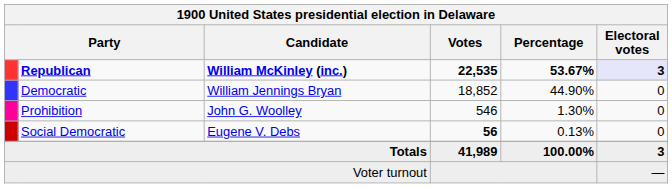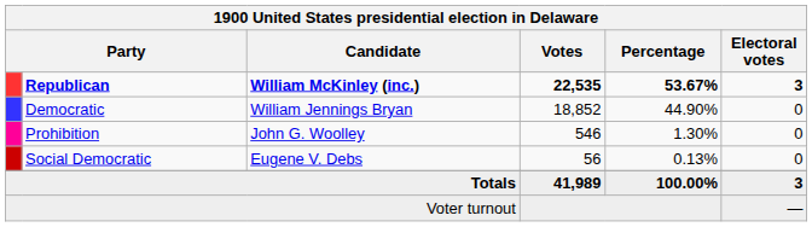 <table class="wikitable" style="font-size: 95%;">
 <tr>
 <th colspan="6">1900 United States presidential election in Delaware</th>
 </tr>
 <tr>
 <th colspan="2" style="width: 15em">Party</th>
 <th style="width: 17em">Candidate</th>
 <th style="width: 5em">Votes</th>
 <th style="width: 7em">Percentage</th>
 <th style="width: 5em">Electoral votes</th>
 </tr>
 <tr>
 <th style="background-color:#FF3333; width: 3px"></th>
 <td style="width: 130px"><strong><a href='#'>Republican</a></strong></td>
 <td><strong><a href='#'>William McKinley</a> (<a href='#'>inc.</a>)</strong></td>
 <td align="right"><strong>22,535</strong></td>
 <td align="right"><strong>53.67%</strong></td>
-<td align="right" style="background: lavender;"><strong>3</strong></td>
+<td align="right"><strong>3</strong></td>
 </tr>
 <tr>
 <th style="background-color:#3333FF; width: 3px"></th>
 <td style="width: 130px"><a href='#'>Democratic</a></td>
 <td><a href='#'>William Jennings Bryan</a></td>
 <td align="right">18,852</td>
 <td align="right">44.90%</td>
 <td align="right">0</td>
 </tr>
 <tr>
 <th style="background-color:#f09; width: 3px"></th>
 <td style="width: 130px"><a href='#'>Prohibition</a></td>
 <td><a href='#'>John G. Woolley</a></td>
 <td align="right">546</td>
 <td align="right">1.30%</td>
 <td align="right">0</td>
 </tr>
 <tr>
 <th style="background-color:#c00; width: 3px"></th>
 <td style="width: 130px"><a href='#'>Social Democratic</a></td>
 <td><a href='#'>Eugene V. Debs</a></td>
-<td align="right"><strong>56</strong></td>
+<td align="right">56</td>
 <td align="right">0.13%</td>
 <td align="right">0</td>
 </tr>
 <tr>
 </tr>
 <tr bgcolor="#EEEEEE">
 <td colspan="3" align="right"><strong>Totals</strong></td>
 <td align="right"><strong>41,989</strong></td>
 <td align="right"><strong>100.00%</strong></td>
 <td align="right"><strong>3</strong></td>
 </tr>
 <tr bgcolor="#EEEEEE">
 <td colspan="3" align="right">Voter turnout</td>
 <td colspan="2" align="right"></td>
 <td align="right">—</td>
 </tr>
 </table>
